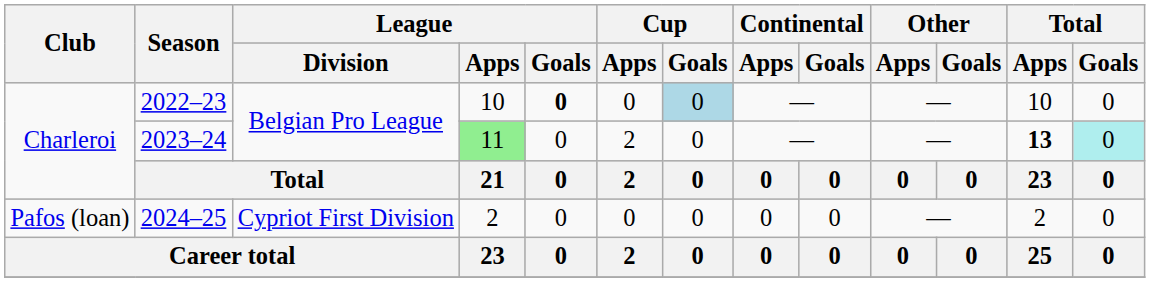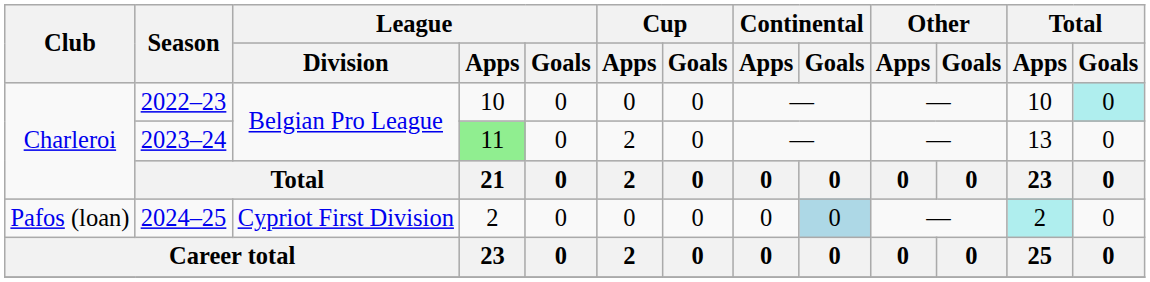 <table class="wikitable" style="text-align:center">
 <tr>
 <th rowspan="2">Club</th>
 <th rowspan="2">Season</th>
 <th colspan="3">League</th>
 <th colspan="2">Cup</th>
 <th colspan="2">Continental</th>
 <th colspan="2">Other</th>
 <th colspan="2">Total</th>
 </tr>
 <tr>
 <th>Division</th>
 <th>Apps</th>
 <th>Goals</th>
 <th>Apps</th>
 <th>Goals</th>
 <th>Apps</th>
 <th>Goals</th>
 <th>Apps</th>
 <th>Goals</th>
 <th>Apps</th>
 <th>Goals</th>
 </tr>
 <tr>
 <td rowspan="3"><a href='#'>Charleroi</a></td>
 <td><a href='#'>2022–23</a></td>
 <td rowspan="2"><a href='#'>Belgian Pro League</a></td>
 <td>10</td>
-<td><strong>0</strong></td>
 <td>0</td>
-<td style="background: lightblue;">0</td>
+<td>0</td>
+<td>0</td>
 <td colspan="2">—</td>
 <td colspan="2">—</td>
 <td>10</td>
-<td>0</td>
+<td style="background: paleturquoise;">0</td>
 </tr>
 <tr>
 <td><a href='#'>2023–24</a></td>
 <td style="background: lightgreen;">11</td>
 <td>0</td>
 <td>2</td>
 <td>0</td>
 <td colspan="2">—</td>
 <td colspan="2">—</td>
-<td><strong>13</strong></td>
-<td style="background: paleturquoise;">0</td>
+<td>13</td>
+<td>0</td>
 </tr>
 <tr>
 <th colspan="2">Total</th>
 <th>21</th>
 <th>0</th>
 <th>2</th>
 <th>0</th>
 <th>0</th>
 <th>0</th>
 <th>0</th>
 <th>0</th>
 <th>23</th>
 <th>0</th>
 </tr>
 <tr>
 <td><a href='#'>Pafos</a> (loan)</td>
 <td><a href='#'>2024–25</a></td>
 <td><a href='#'>Cypriot First Division</a></td>
 <td>2</td>
 <td>0</td>
 <td>0</td>
 <td>0</td>
 <td>0</td>
-<td>0</td>
+<td style="background: lightblue;">0</td>
 <td colspan="2">—</td>
-<td>2</td>
+<td style="background: paleturquoise;">2</td>
 <td>0</td>
 </tr>
 <tr>
 <th colspan="3">Career total</th>
 <th>23</th>
 <th>0</th>
 <th>2</th>
 <th>0</th>
 <th>0</th>
 <th>0</th>
 <th>0</th>
 <th>0</th>
 <th>25</th>
 <th>0</th>
 </tr>
 <tr>
 </tr>
 </table>
